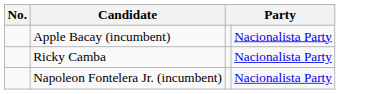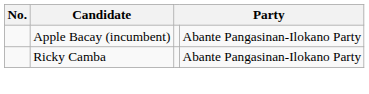 <table class="wikitable sortable" style="text-align:left;">
 <tr>
 <th>No.</th>
 <th>Candidate</th>
 <th colspan="2">Party</th>
 </tr>
 <tr>
 <td></td>
 <td>Apple Bacay (incumbent)</td>
 <td></td>
-<td><a href='#'>Nacionalista Party</a></td>
+<td>Abante Pangasinan-Ilokano Party</td>
 </tr>
 <tr>
 <td></td>
 <td>Ricky Camba</td>
 <td></td>
-<td><a href='#'>Nacionalista Party</a></td>
-</tr>
-<tr>
-<td></td>
-<td>Napoleon Fontelera Jr. (incumbent)</td>
-<td></td>
-<td><a href='#'>Nacionalista Party</a></td>
+<td>Abante Pangasinan-Ilokano Party</td>
 </tr>
 </table>
